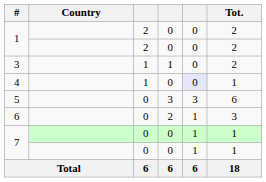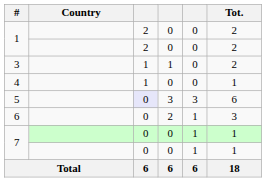 <table class="wikitable" width=30% style="font-size:100%; text-align:center;">
 <tr>
 <th>#</th>
 <th>Country</th>
 <th></th>
 <th></th>
 <th></th>
 <th>Tot.</th>
 </tr>
 <tr>
 <td rowspan=2>1</td>
 <td align=left></td>
 <td>2</td>
 <td>0</td>
 <td>0</td>
 <td>2</td>
 </tr>
 <tr>
 <td align=left></td>
 <td>2</td>
 <td>0</td>
 <td>0</td>
 <td>2</td>
 </tr>
 <tr>
 <td>3</td>
 <td align=left></td>
 <td>1</td>
 <td>1</td>
 <td>0</td>
 <td>2</td>
 </tr>
 <tr>
 <td>4</td>
 <td align=left></td>
 <td>1</td>
 <td>0</td>
-<td style="background: lavender;">0</td>
+<td>0</td>
 <td>1</td>
 </tr>
 <tr>
 <td>5</td>
 <td align=left></td>
-<td>0</td>
+<td style="background: lavender;">0</td>
 <td>3</td>
 <td>3</td>
 <td>6</td>
 </tr>
 <tr>
 <td>6</td>
 <td align=left></td>
 <td>0</td>
 <td>2</td>
 <td>1</td>
 <td>3</td>
 </tr>
 <tr>
 <td rowspan=2>7</td>
 <td align=left bgcolor=#ccffcc></td>
 <td bgcolor=#ccffcc>0</td>
 <td bgcolor=#ccffcc>0</td>
 <td bgcolor=#ccffcc>1</td>
 <td bgcolor=#ccffcc>1</td>
 </tr>
 <tr>
 <td align=left></td>
 <td>0</td>
 <td>0</td>
 <td>1</td>
 <td>1</td>
 </tr>
 <tr class="sortbottom">
 <th colspan=2>Total</th>
 <th>6</th>
 <th>6</th>
 <th>6</th>
 <th>18</th>
 </tr>
 </table>
